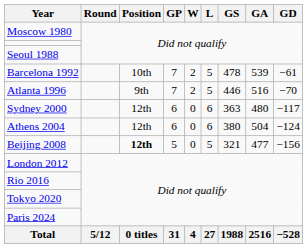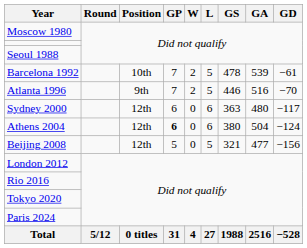 <table class="wikitable" style="text-align: center;">
 <tr>
 <th>Year</th>
 <th>Round</th>
 <th>Position</th>
 <th>GP</th>
 <th>W</th>
 <th>L</th>
 <th>GS</th>
 <th>GA</th>
 <th>GD</th>
 </tr>
 <tr>
 <td align=left> <a href='#'>Moscow 1980</a></td>
 <td rowspan=3 colspan=8><em>Did not qualify</em></td>
 </tr>
 <tr>
 <td align=left></td>
 </tr>
 <tr>
 <td align=left> <a href='#'>Seoul 1988</a></td>
 </tr>
 <tr>
 <td align=left> <a href='#'>Barcelona 1992</a></td>
 <td></td>
 <td>10th</td>
 <td>7</td>
 <td>2</td>
 <td>5</td>
 <td>478</td>
 <td>539</td>
 <td>−61</td>
 </tr>
 <tr>
 <td align=left> <a href='#'>Atlanta 1996</a></td>
 <td></td>
 <td>9th</td>
 <td>7</td>
 <td>2</td>
 <td>5</td>
 <td>446</td>
 <td>516</td>
 <td>−70</td>
 </tr>
 <tr>
 <td align=left> <a href='#'>Sydney 2000</a></td>
 <td></td>
 <td>12th</td>
 <td>6</td>
 <td>0</td>
 <td>6</td>
 <td>363</td>
 <td>480</td>
 <td>−117</td>
 </tr>
 <tr>
 <td align=left> <a href='#'>Athens 2004</a></td>
 <td></td>
 <td>12th</td>
-<td>6</td>
+<td><strong>6</strong></td>
 <td>0</td>
 <td>6</td>
 <td>380</td>
 <td>504</td>
 <td>−124</td>
 </tr>
 <tr>
 <td align=left> <a href='#'>Beijing 2008</a></td>
 <td></td>
-<td><strong>12th</strong></td>
+<td>12th</td>
 <td>5</td>
 <td>0</td>
 <td>5</td>
 <td>321</td>
 <td>477</td>
 <td>−156</td>
 </tr>
 <tr>
 <td align=left> <a href='#'>London 2012</a></td>
 <td rowspan=4 colspan=8><em>Did not qualify</em></td>
 </tr>
 <tr>
 <td align=left> <a href='#'>Rio 2016</a></td>
 </tr>
 <tr>
 <td align=left> <a href='#'>Tokyo 2020</a></td>
 </tr>
 <tr>
 <td align=left> <a href='#'>Paris 2024</a></td>
 </tr>
 <tr>
 <th>Total</th>
 <th>5/12</th>
 <th>0 titles</th>
 <th>31</th>
 <th>4</th>
 <th>27</th>
 <th>1988</th>
 <th>2516</th>
 <th>−528</th>
 </tr>
 </table>
